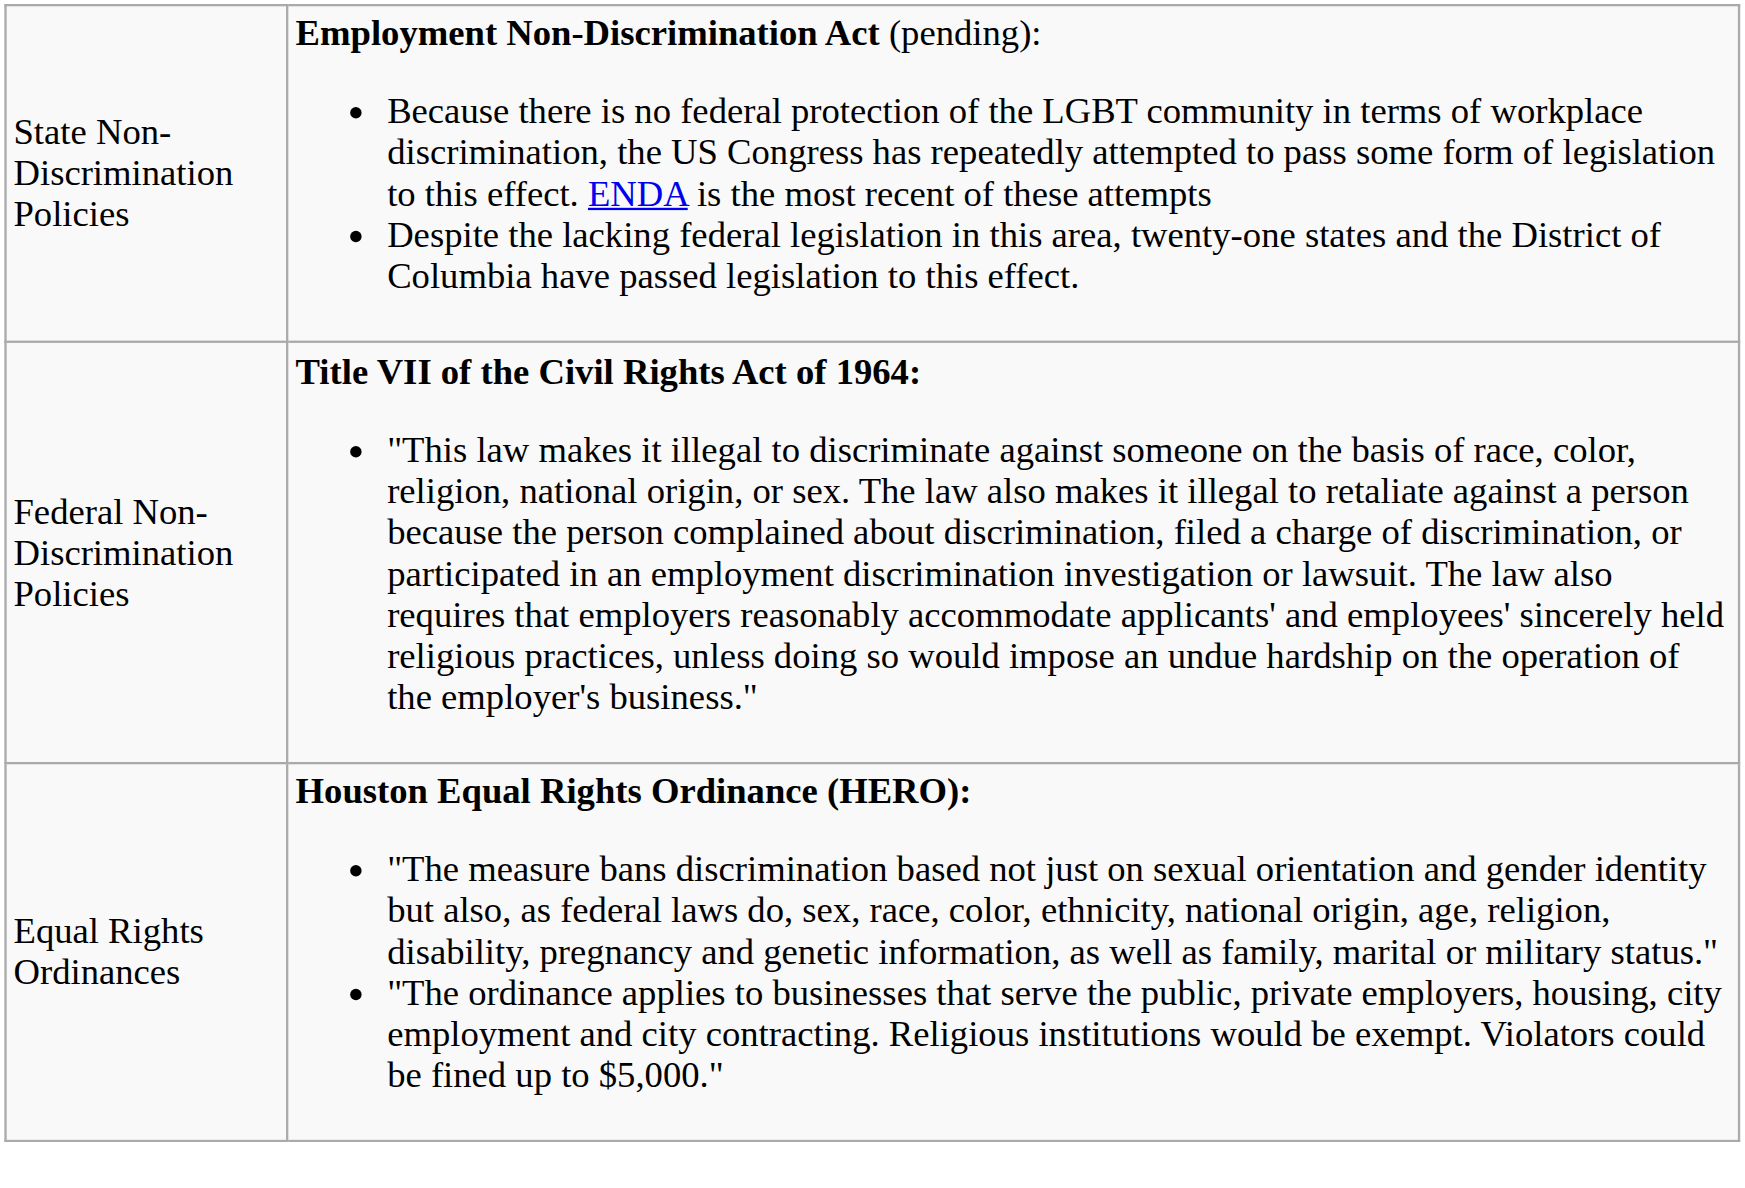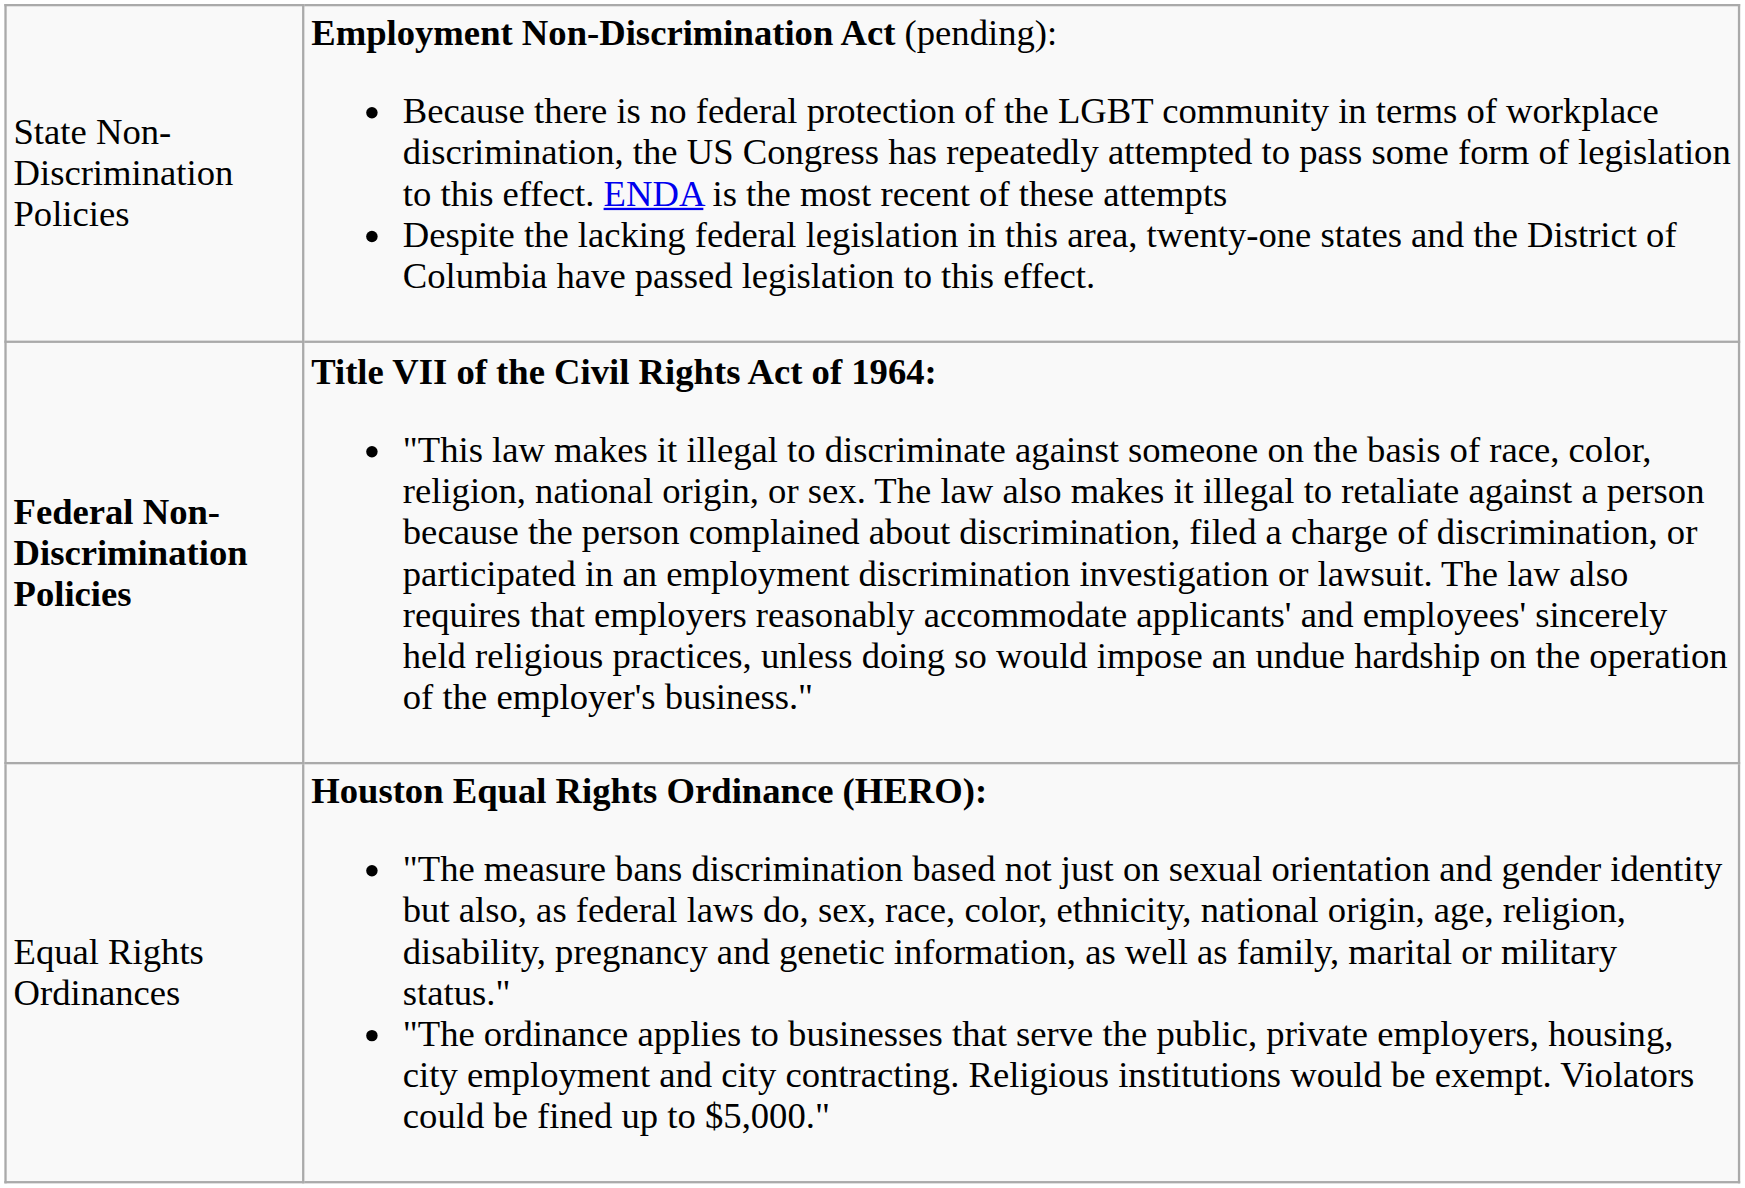 <table class="wikitable" style="margin: 1em auto 1em auto; width: 60%; height: 200px">
 <tr>
 <td>State Non-Discrimination Policies</td>
 <td><strong>Employment Non-Discrimination Act</strong> (pending):<br><ul><li>Because there is no federal protection of the LGBT community in terms of workplace discrimination, the US Congress has repeatedly attempted to pass some form of legislation to this effect. <a href='#'>ENDA</a> is the most recent of these attempts</li><li>Despite the lacking federal legislation in this area, twenty-one states and the District of Columbia have passed legislation to this effect.</li></ul></td>
 </tr>
 <tr>
-<td>Federal Non-Discrimination Policies</td>
+<td><strong>Federal Non-Discrimination Policies</strong></td>
 <td><strong>Title VII of the Civil Rights Act of 1964:</strong><br><ul><li>"This law makes it illegal to discriminate against someone on the basis of race, color, religion, national origin, or sex. The law also makes it illegal to retaliate against a person because the person complained about discrimination, filed a charge of discrimination, or participated in an employment discrimination investigation or lawsuit. The law also requires that employers reasonably accommodate applicants' and employees' sincerely held religious practices, unless doing so would impose an undue hardship on the operation of the employer's business."</li></ul></td>
 </tr>
 <tr>
 <td>Equal Rights Ordinances</td>
 <td><strong>Houston Equal Rights Ordinance (HERO):</strong><br><ul><li>"The measure bans discrimination based not just on sexual orientation and gender identity but also, as federal laws do, sex, race, color, ethnicity, national origin, age, religion, disability, pregnancy and genetic information, as well as family, marital or military status."</li><li>"The ordinance applies to businesses that serve the public, private employers, housing, city employment and city contracting. Religious institutions would be exempt. Violators could be fined up to $5,000."</li></ul></td>
 </tr>
 </table>
